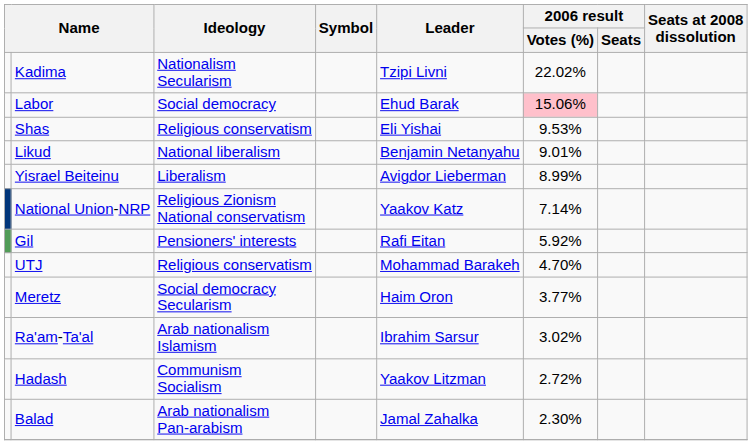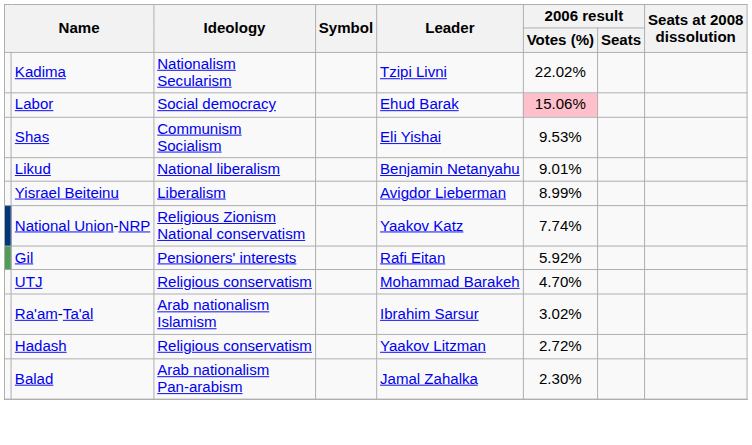 <table class="wikitable">
 <tr>
 <th rowspan="2" colspan=2>Name</th>
 <th rowspan="2">Ideology</th>
 <th rowspan="2">Symbol</th>
 <th rowspan="2">Leader</th>
 <th colspan="2">2006 result</th>
 <th rowspan="2">Seats at 2008<br>dissolution</th>
 </tr>
 <tr>
 <th>Votes (%)</th>
 <th>Seats</th>
 </tr>
 <tr>
 <td style="background:"></td>
 <td><a href='#'>Kadima</a></td>
 <td><a href='#'>Nationalism</a><br><a href='#'>Secularism</a></td>
 <td></td>
 <td><a href='#'>Tzipi Livni</a></td>
 <td style="text-align:center;">22.02%</td>
 <td></td>
 <td></td>
 </tr>
 <tr>
 <td style="background:"></td>
 <td><a href='#'>Labor</a></td>
 <td><a href='#'>Social democracy</a></td>
 <td></td>
 <td><a href='#'>Ehud Barak</a></td>
 <td style="background: pink; text-align:center;">15.06%</td>
 <td></td>
 <td></td>
 </tr>
 <tr>
 <td style="background:"></td>
 <td><a href='#'>Shas</a></td>
-<td><a href='#'>Religious conservatism</a></td>
+<td><a href='#'>Communism</a><br><a href='#'>Socialism</a></td>
 <td></td>
 <td><a href='#'>Eli Yishai</a></td>
 <td style="text-align:center;">9.53%</td>
 <td></td>
 <td></td>
 </tr>
 <tr>
 <td style="background:"></td>
 <td><a href='#'>Likud</a></td>
 <td><a href='#'>National liberalism</a></td>
 <td></td>
 <td><a href='#'>Benjamin Netanyahu</a></td>
 <td style="text-align:center;">9.01%</td>
 <td></td>
 <td></td>
 </tr>
 <tr>
 <td style="background:"></td>
 <td><a href='#'>Yisrael Beiteinu</a></td>
 <td><a href='#'>Liberalism</a></td>
 <td></td>
 <td><a href='#'>Avigdor Lieberman</a></td>
 <td style="text-align:center;">8.99%</td>
 <td></td>
 <td></td>
 </tr>
 <tr>
 <td style="background:#01367B;"></td>
 <td><a href='#'>National Union</a>-<a href='#'>NRP</a></td>
 <td><a href='#'>Religious Zionism</a><br><a href='#'>National conservatism</a></td>
 <td></td>
 <td><a href='#'>Yaakov Katz</a></td>
-<td style="text-align:center;">7.14%</td>
+<td style="text-align:center;">7.74%</td>
 <td></td>
 <td></td>
 </tr>
 <tr>
 <td style="background:#519C57;"></td>
 <td><a href='#'>Gil</a></td>
 <td><a href='#'>Pensioners' interests</a></td>
 <td></td>
 <td><a href='#'>Rafi Eitan</a></td>
 <td style="text-align:center;">5.92%</td>
 <td></td>
 <td></td>
 </tr>
 <tr>
 <td style="background:"></td>
 <td><a href='#'>UTJ</a></td>
 <td><a href='#'>Religious conservatism</a></td>
 <td></td>
 <td><a href='#'>Mohammad Barakeh</a></td>
 <td style="text-align:center;">4.70%</td>
 <td></td>
 <td></td>
 </tr>
 <tr>
 <td style="background:"></td>
-<td><a href='#'>Meretz</a></td>
-<td><a href='#'>Social democracy</a><br><a href='#'>Secularism</a></td>
-<td></td>
-<td><a href='#'>Haim Oron</a></td>
-<td style="text-align:center;">3.77%</td>
-<td></td>
-<td></td>
-</tr>
-<tr>
-<td style="background:"></td>
 <td><a href='#'>Ra'am</a>-<a href='#'>Ta'al</a></td>
 <td><a href='#'>Arab nationalism</a><br><a href='#'>Islamism</a></td>
 <td></td>
 <td><a href='#'>Ibrahim Sarsur</a></td>
 <td style="text-align:center;">3.02%</td>
 <td></td>
 <td></td>
 </tr>
 <tr>
 <td style="background:"></td>
 <td><a href='#'>Hadash</a></td>
-<td><a href='#'>Communism</a><br><a href='#'>Socialism</a></td>
+<td><a href='#'>Religious conservatism</a></td>
 <td></td>
 <td><a href='#'>Yaakov Litzman</a></td>
 <td style="text-align:center;">2.72%</td>
 <td></td>
 <td></td>
 </tr>
 <tr>
 <td style="background:"></td>
 <td><a href='#'>Balad</a></td>
 <td><a href='#'>Arab nationalism</a><br><a href='#'>Pan-arabism</a></td>
 <td></td>
 <td><a href='#'>Jamal Zahalka</a></td>
 <td style="text-align:center;">2.30%</td>
 <td></td>
 <td></td>
 </tr>
 <tr>
 </tr>
 </table>
